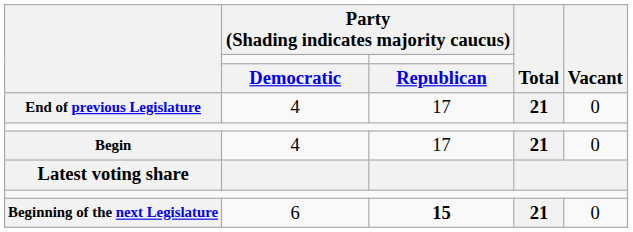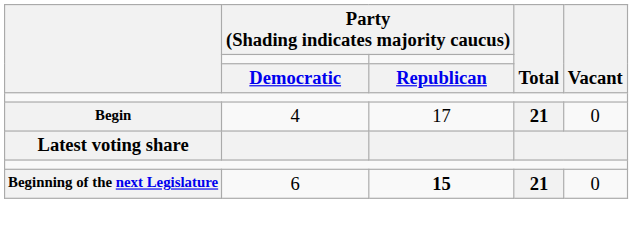 <table class=wikitable style="text-align:center">
 <tr style="vertical-align:bottom;">
 <th rowspan=3></th>
 <th colspan=2>Party <div>(Shading indicates majority caucus)</div></th>
 <th rowspan=3>Total</th>
 <th rowspan=3>Vacant</th>
 </tr>
 <tr style="height:5px">
 <td style="background-color:"></td>
 <td style="background-color:"></td>
 </tr>
 <tr>
 <th><a href='#'>Democratic</a></th>
 <th><a href='#'>Republican</a></th>
-</tr>
-<tr>
-<th style="white-space:nowrap; font-size:80%;">End of <a href='#'>previous Legislature</a></th>
-<td>4</td>
-<td>17</td>
-<th>21</th>
-<td>0</td>
 </tr>
 <tr>
 <td colspan=5></td>
 </tr>
 <tr>
 <th style="font-size:80%">Begin</th>
 <td>4</td>
 <td>17</td>
 <th>21</th>
 <td>0</td>
 </tr>
 <tr>
 <th>Latest voting share</th>
 <th></th>
 <th></th>
 <th colspan=2></th>
 </tr>
 <tr>
 <td colspan=5></td>
 </tr>
 <tr>
 <th style="white-space:nowrap; font-size:80%;">Beginning of the <a href='#'>next Legislature</a></th>
 <td>6</td>
 <td><strong>15</strong></td>
 <th>21</th>
 <td>0</td>
 </tr>
 </table>
